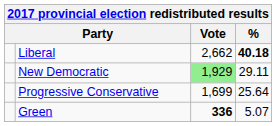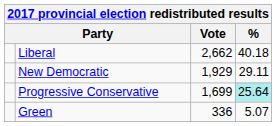 <table class="wikitable">
 <tr>
 <th colspan="4"><a href='#'>2017 provincial election</a> redistributed results</th>
 </tr>
 <tr>
 <th bgcolor="#DDDDFF" width="130px" colspan="2">Party</th>
 <th bgcolor="#DDDDFF" width="50px">Vote</th>
 <th bgcolor="#DDDDFF" width="30px">%</th>
 </tr>
 <tr>
 <td> </td>
 <td><a href='#'>Liberal</a></td>
 <td align=right>2,662</td>
-<td align=right><strong>40.18</strong></td>
+<td align=right>40.18</td>
 </tr>
 <tr>
 <td> </td>
 <td><a href='#'>New Democratic</a></td>
-<td align=right style="background: lightgreen;">1,929</td>
+<td align=right>1,929</td>
 <td align=right>29.11</td>
 </tr>
 <tr>
 <td> </td>
 <td><a href='#'>Progressive Conservative</a></td>
 <td align=right>1,699</td>
-<td align=right>25.64</td>
+<td align=right style="background: paleturquoise;">25.64</td>
 </tr>
 <tr>
 <td> </td>
 <td><a href='#'>Green</a></td>
-<td align=right><strong>336</strong></td>
+<td align=right>336</td>
 <td align=right>5.07</td>
 </tr>
 </table>
